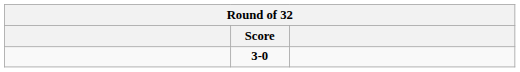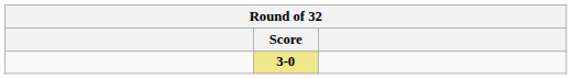 <table class="wikitable" style="text-align: center; font-size:90% ">
 <tr>
 <th colspan=3>Round of 32</th>
 </tr>
 <tr>
 <th align="right" width="250"></th>
 <th width="60">Score</th>
 <th align="left" width="250"></th>
 </tr>
 <tr>
 <td align=left><strong></strong></td>
-<td align=center><strong>3-0</strong></td>
+<td align=center style="background: khaki;"><strong>3-0</strong></td>
 <td align=left></td>
 </tr>
 </table>
